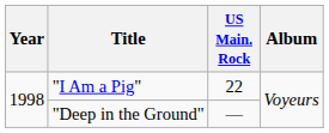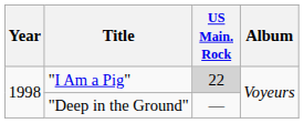 <table class="wikitable">
 <tr>
 <th>Year</th>
 <th>Title</th>
 <th width="40"><small><a href='#'>US Main. Rock</a></small><br></th>
 <th>Album</th>
 </tr>
 <tr>
 <td rowspan=2>1998</td>
 <td>"<a href='#'>I Am a Pig</a>"</td>
-<td align="center">22</td>
+<td align="center" style="background: lightgrey;">22</td>
 <td rowspan=2><em>Voyeurs</em></td>
 </tr>
 <tr>
 <td>"Deep in the Ground"</td>
 <td align="center">—</td>
 </tr>
 </table>
